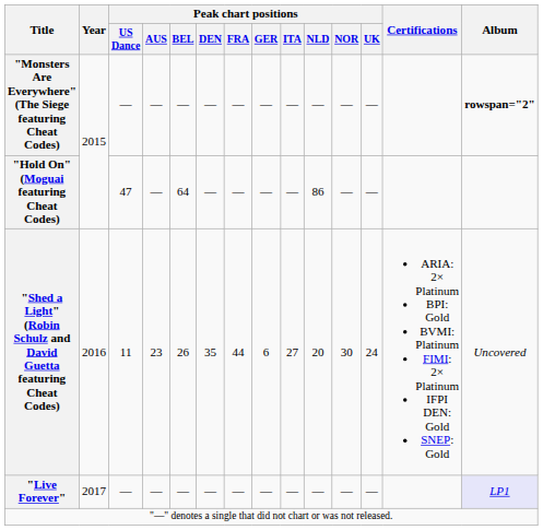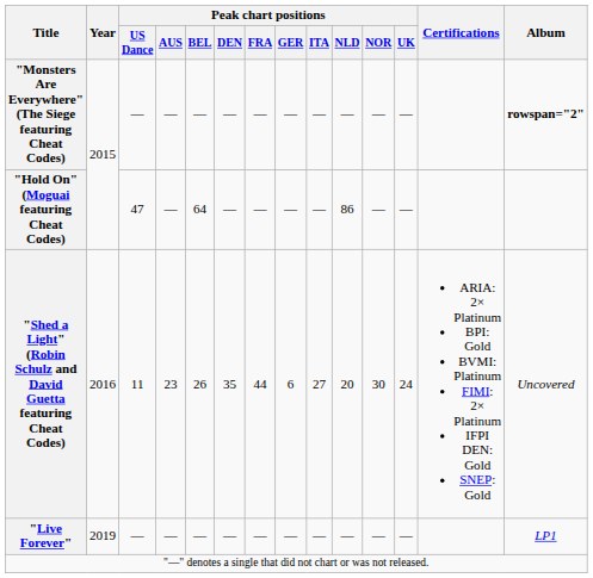 <table class="wikitable plainrowheaders" style="text-align:center;" border="1">
 <tr>
 <th scope="col" rowspan="2" style="width:15em;">Title</th>
 <th scope="col" rowspan="2" style="width:1em;">Year</th>
 <th scope="col" colspan="10">Peak chart positions</th>
 <th scope="col" rowspan="2"><a href='#'>Certifications</a></th>
 <th scope="col" rowspan="2" style="width:10em;">Album</th>
 </tr>
 <tr>
 <th scope="col" style="width:2.5em;font-size:90%;"><a href='#'>US<br>Dance</a><br></th>
 <th scope="col" style="width:2.5em;font-size:90%;"><a href='#'>AUS</a> <br></th>
 <th scope="col" style="width:2.5em;font-size:90%;"><a href='#'>BEL</a> <br></th>
 <th scope="col" style="width:2.5em;font-size:90%;"><a href='#'>DEN</a> <br></th>
 <th scope="col" style="width:2.5em;font-size:90%;"><a href='#'>FRA</a> <br></th>
 <th scope="col" style="width:2.5em;font-size:90%;"><a href='#'>GER</a> <br></th>
 <th scope="col" style="width:2.5em;font-size:90%;"><a href='#'>ITA</a><br></th>
 <th scope="col" style="width:2.5em;font-size:90%;"><a href='#'>NLD</a> <br></th>
 <th scope="col" style="width:2.5em;font-size:90%;"><a href='#'>NOR</a> <br></th>
 <th scope="col" style="width:2.5em;font-size:90%;"><a href='#'>UK</a> <br></th>
 </tr>
 <tr>
 <th scope="row">"Monsters Are Everywhere"<br><span>(The Siege featuring Cheat Codes)</span></th>
 <td rowspan="2">2015</td>
 <td>—</td>
 <td>—</td>
 <td>—</td>
 <td>—</td>
 <td>—</td>
 <td>—</td>
 <td>—</td>
 <td>—</td>
 <td>—</td>
 <td>—</td>
 <td></td>
 <td><strong>rowspan="2" </strong></td>
 </tr>
 <tr>
 <th scope="row">"Hold On"<br><span>(<a href='#'>Moguai</a> featuring Cheat Codes)</span></th>
 <td>47</td>
 <td>—</td>
 <td>64</td>
 <td>—</td>
 <td>—</td>
 <td>—</td>
 <td>—</td>
 <td>86</td>
 <td>—</td>
 <td>—</td>
 <td></td>
 </tr>
 <tr>
 <th scope="row">"<a href='#'>Shed a Light</a>"<br><span>(<a href='#'>Robin Schulz</a> and <a href='#'>David Guetta</a> featuring Cheat Codes)</span></th>
 <td>2016</td>
 <td>11</td>
 <td>23</td>
 <td>26</td>
 <td>35</td>
 <td>44</td>
 <td>6</td>
 <td>27</td>
 <td>20</td>
 <td>30</td>
 <td>24</td>
 <td><br><ul><li>ARIA: 2× Platinum</li><li>BPI: Gold</li><li>BVMI: Platinum</li><li><a href='#'>FIMI</a>: 2× Platinum</li><li>IFPI DEN: Gold</li><li><a href='#'>SNEP</a>: Gold</li></ul></td>
 <td><em>Uncovered</em></td>
 </tr>
 <tr>
 <th scope="row">"<a href='#'>Live Forever</a>" <br></th>
-<td>2017</td>
+<td>2019</td>
 <td>—</td>
 <td>—</td>
 <td>—</td>
 <td>—</td>
 <td>—</td>
 <td>—</td>
 <td>—</td>
 <td>—</td>
 <td>—</td>
 <td>—</td>
 <td></td>
-<td style="background: lavender;"><em><a href='#'>LP1</a></em></td>
+<td><em><a href='#'>LP1</a></em></td>
 </tr>
 <tr>
 <td colspan="15" style="font-size:85%">"—" denotes a single that did not chart or was not released.</td>
 </tr>
 </table>
